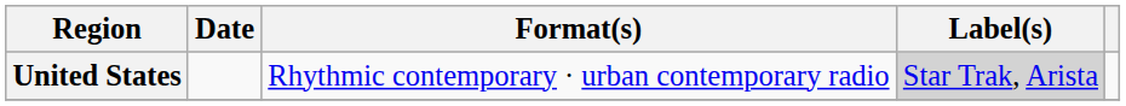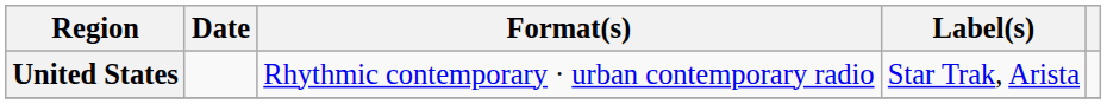 <table class="wikitable plainrowheaders" style="text-align:left">
 <tr>
 <th scope="col">Region</th>
 <th scope="col">Date</th>
 <th scope="col">Format(s)</th>
 <th scope="col">Label(s)</th>
 <th scope="col"></th>
 </tr>
 <tr>
 <th scope="row">United States</th>
 <td></td>
 <td><a href='#'>Rhythmic contemporary</a> · <a href='#'>urban contemporary radio</a></td>
-<td style="background: lightgrey;"><a href='#'>Star Trak</a>, <a href='#'>Arista</a></td>
+<td><a href='#'>Star Trak</a>, <a href='#'>Arista</a></td>
 <td></td>
 </tr>
 <tr>
 </tr>
 </table>
